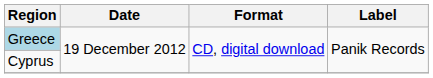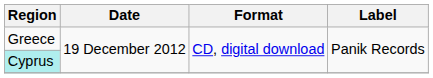 <table class="wikitable">
 <tr>
 <th>Region</th>
 <th>Date</th>
 <th>Format</th>
 <th>Label</th>
 </tr>
 <tr>
-<td style="background: lightblue;">Greece</td>
+<td>Greece</td>
 <td rowspan="2">19 December 2012</td>
 <td rowspan="2"><a href='#'>CD</a>, <a href='#'>digital download</a></td>
 <td rowspan="2">Panik Records</td>
 </tr>
 <tr>
-<td>Cyprus</td>
+<td style="background: paleturquoise;">Cyprus</td>
 </tr>
 <tr>
 </tr>
 </table>
